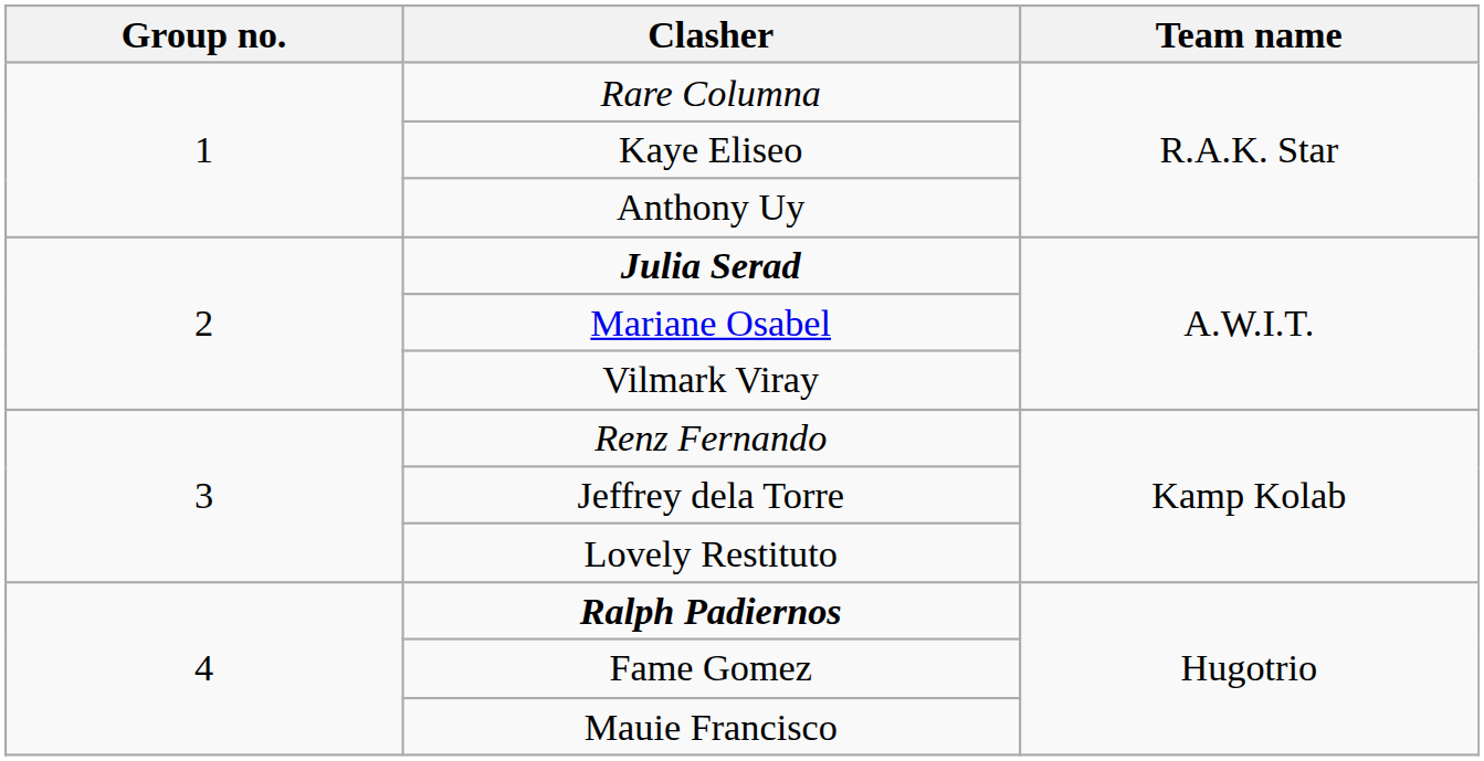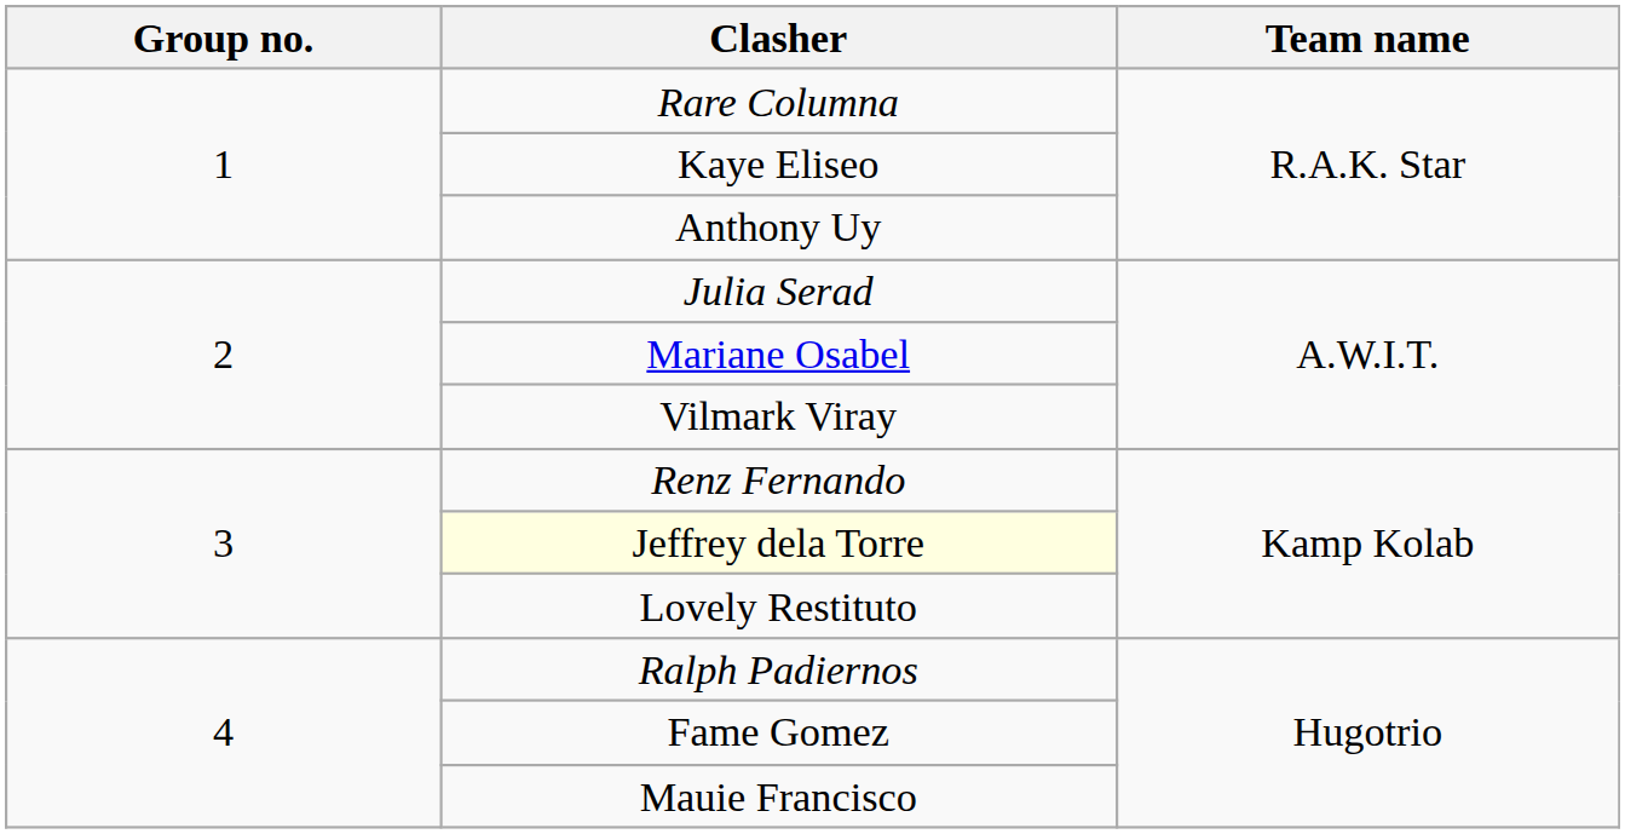 <table class="wikitable collapsible collapsed" style="text-align:center; line-height:17px; width:100%;">
 <tr>
 <th>Group no.</th>
 <th>Clasher</th>
 <th>Team name</th>
 </tr>
 <tr>
 <td rowspan="3">1</td>
 <td><em>Rare Columna</em></td>
 <td rowspan="3">R.A.K. Star</td>
 </tr>
 <tr>
 <td>Kaye Eliseo</td>
 </tr>
 <tr>
 <td>Anthony Uy</td>
 </tr>
 <tr>
 <td rowspan="3">2</td>
-<td><strong><em>Julia Serad</em></strong></td>
+<td><em>Julia Serad</em></td>
 <td rowspan="3">A.W.I.T.</td>
 </tr>
 <tr>
 <td><a href='#'>Mariane Osabel</a></td>
 </tr>
 <tr>
 <td>Vilmark Viray</td>
 </tr>
 <tr>
 <td rowspan="3">3</td>
 <td><em>Renz Fernando</em></td>
 <td rowspan="3">Kamp Kolab</td>
 </tr>
 <tr>
-<td>Jeffrey dela Torre</td>
+<td style="background: lightyellow;">Jeffrey dela Torre</td>
 </tr>
 <tr>
 <td>Lovely Restituto</td>
 </tr>
 <tr>
 <td rowspan="3">4</td>
-<td><strong><em>Ralph Padiernos</em></strong></td>
+<td><em>Ralph Padiernos</em></td>
 <td rowspan="3">Hugotrio</td>
 </tr>
 <tr>
 <td>Fame Gomez</td>
 </tr>
 <tr>
 <td>Mauie Francisco</td>
 </tr>
 </table>
